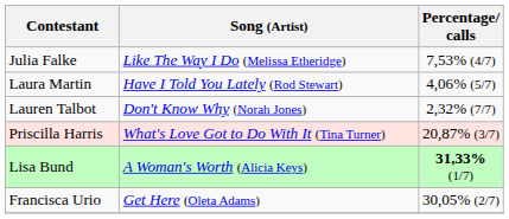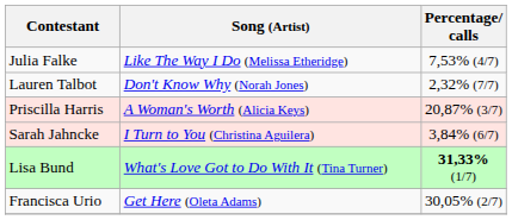 <table class="wikitable">
 <tr>
 <th width="110">Contestant</th>
 <th width="300">Song <small>(Artist)</small></th>
 <th width="28">Percentage/<br>calls</th>
 </tr>
 <tr>
 <td align="left">Julia Falke</td>
 <td align="left"><em><a href='#'>Like The Way I Do</a></em> <small>(<a href='#'>Melissa Etheridge</a>)</small></td>
 <td align="center">7,53% <small>(4/7)</small></td>
 </tr>
 <tr>
-<td align="left">Laura Martin</td>
-<td align="left"><em><a href='#'>Have I Told You Lately</a></em> <small>(<a href='#'>Rod Stewart</a>)</small></td>
-<td align="center">4,06% <small>(5/7)</small></td>
-</tr>
-<tr>
 <td align="left">Lauren Talbot</td>
 <td align="left"><em><a href='#'>Don't Know Why</a></em> <small>(<a href='#'>Norah Jones</a>)</small></td>
 <td align="center">2,32% <small>(7/7)</small></td>
 </tr>
 <tr bgcolor="#FFE4E1">
 <td align="left">Priscilla Harris</td>
-<td align="left"><em><a href='#'>What's Love Got to Do With It</a></em> <small>(<a href='#'>Tina Turner</a>)</small></td>
+<td align="left"><em><a href='#'>A Woman's Worth</a></em> <small>(<a href='#'>Alicia Keys</a>)</small></td>
 <td align="center">20,87% <small>(3/7)</small></td>
+</tr>
+<tr bgcolor="#FFE4E1">
+<td align="left">Sarah Jahncke</td>
+<td align="left"><em><a href='#'>I Turn to You</a></em> <small>(<a href='#'>Christina Aguilera</a>)</small></td>
+<td align="center">3,84% <small>(6/7)</small></td>
 </tr>
 <tr bgcolor="#C1FFC1">
 <td align="left">Lisa Bund</td>
-<td align="left"><em><a href='#'>A Woman's Worth</a></em> <small>(<a href='#'>Alicia Keys</a>)</small></td>
+<td align="left"><em><a href='#'>What's Love Got to Do With It</a></em> <small>(<a href='#'>Tina Turner</a>)</small></td>
 <td align="center"><strong>31,33%</strong> <small>(1/7)</small></td>
 </tr>
 <tr>
 <td align="left">Francisca Urio</td>
 <td align="left"><em><a href='#'>Get Here</a></em> <small>(<a href='#'>Oleta Adams</a>)</small></td>
 <td align="center">30,05% <small>(2/7)</small></td>
 </tr>
 <tr>
 </tr>
 <tr>
 </tr>
 </table>
